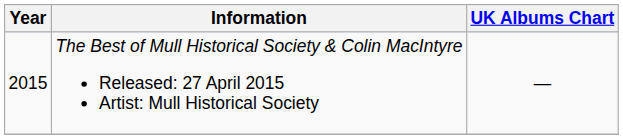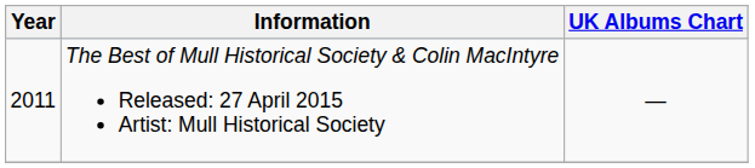 <table class="wikitable">
 <tr style="background:#b0c4de; text-align:center;">
 <th>Year</th>
 <th>Information</th>
 <th><a href='#'>UK Albums Chart</a></th>
 </tr>
 <tr>
-<td>2015</td>
+<td>2011</td>
 <td><em>The Best of Mull Historical Society & Colin MacIntyre</em><br><ul><li>Released: 27 April 2015</li><li>Artist: Mull Historical Society</li></ul></td>
 <td style="text-align:center;">—</td>
 </tr>
 <tr>
 </tr>
 </table>
